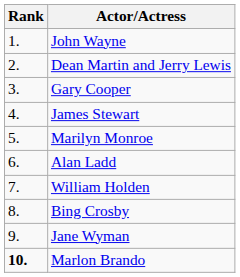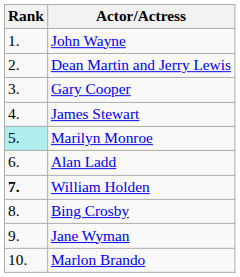 <table class="wikitable">
 <tr>
 <th>Rank</th>
 <th>Actor/Actress</th>
 </tr>
 <tr>
 <td>1.</td>
 <td><a href='#'>John Wayne</a></td>
 </tr>
 <tr>
 <td>2.</td>
 <td><a href='#'>Dean Martin and Jerry Lewis</a></td>
 </tr>
 <tr>
 <td>3.</td>
 <td><a href='#'>Gary Cooper</a></td>
 </tr>
 <tr>
 <td>4.</td>
 <td><a href='#'>James Stewart</a></td>
 </tr>
 <tr>
-<td>5.</td>
+<td style="background: paleturquoise;">5.</td>
 <td><a href='#'>Marilyn Monroe</a></td>
 </tr>
 <tr>
 <td>6.</td>
 <td><a href='#'>Alan Ladd</a></td>
 </tr>
 <tr>
-<td>7.</td>
+<td><strong>7.</strong></td>
 <td><a href='#'>William Holden</a></td>
 </tr>
 <tr>
 <td>8.</td>
 <td><a href='#'>Bing Crosby</a></td>
 </tr>
 <tr>
 <td>9.</td>
 <td><a href='#'>Jane Wyman</a></td>
 </tr>
 <tr>
-<td><strong>10.</strong></td>
+<td>10.</td>
 <td><a href='#'>Marlon Brando</a></td>
 </tr>
 </table>
